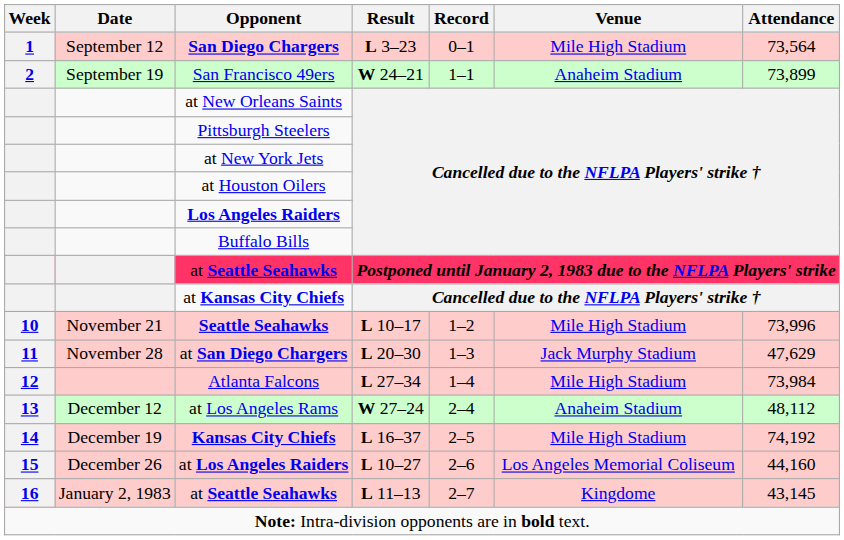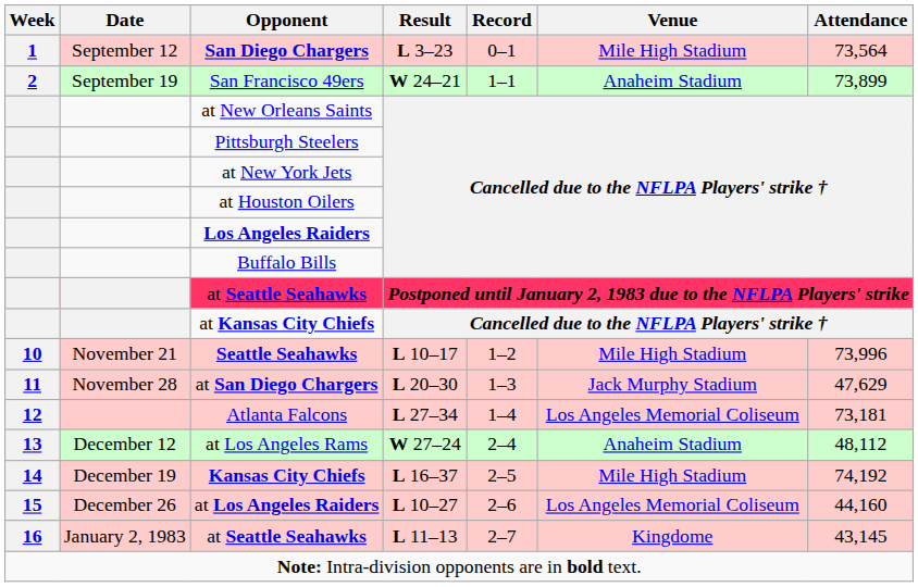 <table class="wikitable" style="text-align:center">
 <tr>
 <th>Week</th>
 <th>Date</th>
 <th>Opponent</th>
 <th>Result</th>
 <th>Record</th>
 <th>Venue</th>
 <th>Attendance</th>
 </tr>
 <tr style="background:#fcc">
 <th><a href='#'>1</a></th>
 <td>September 12</td>
 <td><strong><a href='#'>San Diego Chargers</a></strong></td>
 <td><strong>L</strong> 3–23</td>
 <td>0–1</td>
 <td><a href='#'>Mile High Stadium</a></td>
 <td>73,564</td>
 </tr>
 <tr style="background:#cfc">
 <th><a href='#'>2</a></th>
 <td>September 19</td>
 <td><a href='#'>San Francisco 49ers</a></td>
 <td><strong>W</strong> 24–21</td>
 <td>1–1</td>
 <td><a href='#'>Anaheim Stadium</a></td>
 <td>73,899</td>
 </tr>
 <tr>
 <th></th>
 <td></td>
 <td>at <a href='#'>New Orleans Saints</a></td>
 <th colspan="7" rowspan="6"><strong><em>Cancelled due to the <a href='#'>NFLPA</a> Players' strike †</em></strong></th>
 </tr>
 <tr>
 <th></th>
 <td></td>
 <td><a href='#'>Pittsburgh Steelers</a></td>
 </tr>
 <tr>
 <th></th>
 <td></td>
 <td>at <a href='#'>New York Jets</a></td>
 </tr>
 <tr>
 <th></th>
 <td></td>
 <td>at <a href='#'>Houston Oilers</a></td>
 </tr>
 <tr>
 <th></th>
 <td></td>
 <td><strong><a href='#'>Los Angeles Raiders</a></strong></td>
 </tr>
 <tr>
 <th></th>
 <td></td>
 <td><a href='#'>Buffalo Bills</a></td>
 </tr>
 <tr style="background:#F36;">
 <th></th>
 <th></th>
 <td>at <strong><a href='#'>Seattle Seahawks</a></strong></td>
 <td colspan=7><strong><em>Postponed until January 2, 1983 due to the <a href='#'>NFLPA</a> Players' strike</em></strong></td>
 </tr>
 <tr>
 <th></th>
 <th></th>
 <td>at <strong><a href='#'>Kansas City Chiefs</a></strong></td>
 <th colspan="7"><strong><em>Cancelled due to the <a href='#'>NFLPA</a> Players' strike †</em></strong></th>
 </tr>
 <tr style="background:#fcc">
 <th><a href='#'>10</a></th>
 <td>November 21</td>
 <td><strong><a href='#'>Seattle Seahawks</a></strong></td>
 <td><strong>L</strong> 10–17</td>
 <td>1–2</td>
 <td><a href='#'>Mile High Stadium</a></td>
 <td>73,996</td>
 </tr>
 <tr style="background:#fcc">
 <th><a href='#'>11</a></th>
 <td>November 28</td>
 <td>at <strong><a href='#'>San Diego Chargers</a></strong></td>
 <td><strong>L</strong> 20–30</td>
 <td>1–3</td>
 <td><a href='#'>Jack Murphy Stadium</a></td>
 <td>47,629</td>
 </tr>
 <tr style="background:#fcc">
 <th><a href='#'>12</a></th>
 <td></td>
 <td><a href='#'>Atlanta Falcons</a></td>
 <td><strong>L</strong> 27–34</td>
 <td>1–4</td>
-<td><a href='#'>Mile High Stadium</a></td>
-<td>73,984</td>
+<td><a href='#'>Los Angeles Memorial Coliseum</a></td>
+<td>73,181</td>
 </tr>
 <tr style="background:#cfc">
 <th><a href='#'>13</a></th>
 <td>December 12</td>
 <td>at <a href='#'>Los Angeles Rams</a></td>
 <td><strong>W</strong> 27–24</td>
 <td>2–4</td>
 <td><a href='#'>Anaheim Stadium</a></td>
 <td>48,112</td>
 </tr>
 <tr style="background:#fcc">
 <th><a href='#'>14</a></th>
 <td>December 19</td>
 <td><strong><a href='#'>Kansas City Chiefs</a></strong></td>
 <td><strong>L</strong> 16–37</td>
 <td>2–5</td>
 <td><a href='#'>Mile High Stadium</a></td>
 <td>74,192</td>
 </tr>
 <tr style="background:#fcc">
 <th><a href='#'>15</a></th>
 <td>December 26</td>
 <td>at <strong><a href='#'>Los Angeles Raiders</a></strong></td>
 <td><strong>L</strong> 10–27</td>
 <td>2–6</td>
 <td><a href='#'>Los Angeles Memorial Coliseum</a></td>
 <td>44,160</td>
 </tr>
 <tr style="background:#fcc">
 <th><a href='#'>16</a></th>
 <td>January 2, 1983</td>
 <td>at <strong><a href='#'>Seattle Seahawks</a></strong></td>
 <td><strong>L</strong> 11–13</td>
 <td>2–7</td>
 <td><a href='#'>Kingdome</a></td>
 <td>43,145</td>
 </tr>
 <tr>
 <td colspan="8"><strong>Note:</strong> Intra-division opponents are in <strong>bold</strong> text.</td>
 </tr>
 </table>
